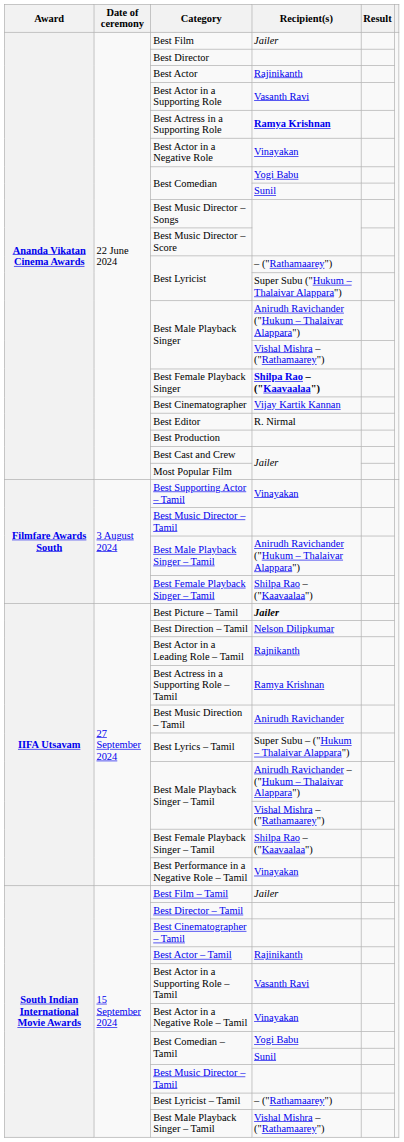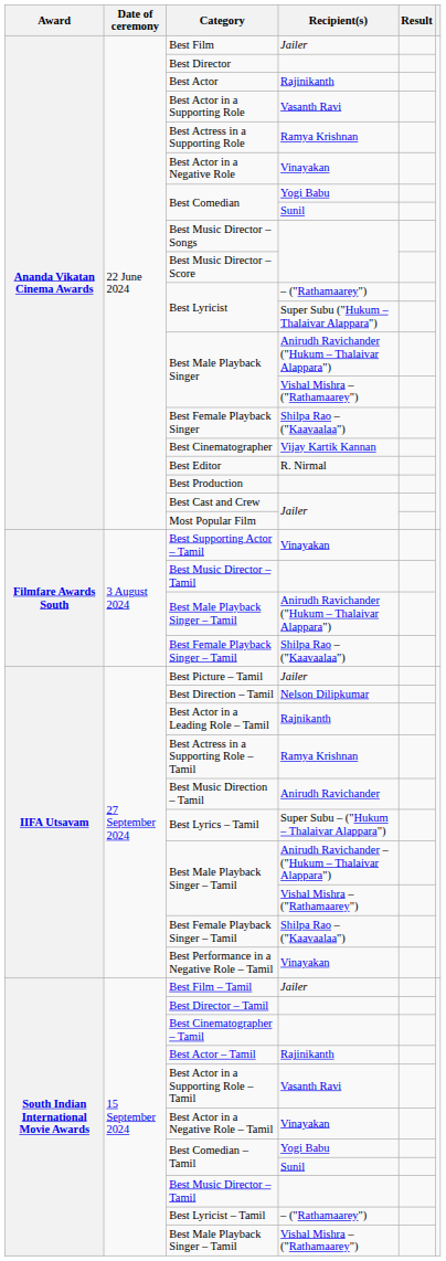 <table class="wikitable plainrowheaders sortable">
 <tr>
 <th scope="col">Award</th>
 <th scope="col">Date of ceremony</th>
 <th scope="col">Category</th>
 <th scope="col">Recipient(s)</th>
 <th scope="col">Result</th>
 <th scope="col" class="unsortable"></th>
 </tr>
 <tr>
 <th rowspan="20" scope="row"><a href='#'>Ananda Vikatan Cinema Awards</a></th>
 <td rowspan="20">22 June 2024</td>
 <td>Best Film</td>
 <td><em>Jailer</em></td>
 <td></td>
 <td rowspan="20" align="center"></td>
 </tr>
 <tr>
 <td>Best Director</td>
 <td></td>
 <td></td>
 </tr>
 <tr>
 <td>Best Actor</td>
 <td><a href='#'>Rajinikanth</a></td>
 <td></td>
 </tr>
 <tr>
 <td>Best Actor in a Supporting Role</td>
 <td><a href='#'>Vasanth Ravi</a></td>
 <td></td>
 </tr>
 <tr>
 <td>Best Actress in a Supporting Role</td>
-<td><strong><a href='#'>Ramya Krishnan</a></strong></td>
+<td><a href='#'>Ramya Krishnan</a></td>
 <td></td>
 </tr>
 <tr>
 <td>Best Actor in a Negative Role</td>
 <td><a href='#'>Vinayakan</a></td>
 <td></td>
 </tr>
 <tr>
 <td rowspan="2">Best Comedian</td>
 <td><a href='#'>Yogi Babu</a></td>
 <td></td>
 </tr>
 <tr>
 <td><a href='#'>Sunil</a></td>
 <td></td>
 </tr>
 <tr>
 <td>Best Music Director – Songs</td>
 <td rowspan="2"></td>
 <td></td>
 </tr>
 <tr>
 <td>Best Music Director – Score</td>
 <td></td>
 </tr>
 <tr>
 <td rowspan="2">Best Lyricist</td>
 <td> – ("<a href='#'>Rathamaarey</a>")</td>
 <td></td>
 </tr>
 <tr>
 <td>Super Subu ("<a href='#'>Hukum – Thalaivar Alappara</a>")</td>
 <td></td>
 </tr>
 <tr>
 <td rowspan="2">Best Male Playback Singer</td>
 <td><a href='#'>Anirudh Ravichander</a> ("<a href='#'>Hukum – Thalaivar Alappara</a>")</td>
 <td></td>
 </tr>
 <tr>
 <td><a href='#'>Vishal Mishra</a> – ("<a href='#'>Rathamaarey</a>")</td>
 <td></td>
 </tr>
 <tr>
 <td>Best Female Playback Singer</td>
-<td><strong><a href='#'>Shilpa Rao</a> – ("<a href='#'>Kaavaalaa</a>")</strong></td>
+<td><a href='#'>Shilpa Rao</a> – ("<a href='#'>Kaavaalaa</a>")</td>
 <td></td>
 </tr>
 <tr>
 <td>Best Cinematographer</td>
 <td><a href='#'>Vijay Kartik Kannan</a></td>
 <td></td>
 </tr>
 <tr>
 <td>Best Editor</td>
 <td>R. Nirmal</td>
 <td></td>
 </tr>
 <tr>
 <td>Best Production</td>
 <td></td>
 <td></td>
 </tr>
 <tr>
 <td>Best Cast and Crew</td>
 <td rowspan="2"><em>Jailer</em></td>
 <td></td>
 </tr>
 <tr>
 <td>Most Popular Film</td>
 <td></td>
 </tr>
 <tr>
 <th rowspan="4" scope="row"><a href='#'>Filmfare Awards South</a></th>
 <td rowspan="4"><a href='#'>3 August 2024</a></td>
 <td><a href='#'>Best Supporting Actor – Tamil</a></td>
 <td><a href='#'>Vinayakan</a></td>
 <td></td>
 <td rowspan="4" align="center"><br><br><br></td>
 </tr>
 <tr>
 <td><a href='#'>Best Music Director – Tamil</a></td>
 <td></td>
 <td></td>
 </tr>
 <tr>
 <td><a href='#'>Best Male Playback Singer – Tamil</a></td>
 <td><a href='#'>Anirudh Ravichander</a> ("<a href='#'>Hukum – Thalaivar Alappara</a>")</td>
 <td></td>
 </tr>
 <tr>
 <td><a href='#'>Best Female Playback Singer – Tamil</a></td>
 <td><a href='#'>Shilpa Rao</a> – ("<a href='#'>Kaavaalaa</a>")</td>
 <td></td>
 </tr>
 <tr>
 <th rowspan="10" scope="row"><a href='#'>IIFA Utsavam</a></th>
 <td rowspan="10"><a href='#'>27 September 2024</a></td>
 <td>Best Picture – Tamil</td>
-<td sort><strong><em>Jailer</em></strong></td>
+<td sort><em>Jailer</em></td>
 <td></td>
 <td rowspan="10" align="center"><br><br></td>
 </tr>
 <tr>
 <td>Best Direction – Tamil</td>
 <td sort><a href='#'>Nelson Dilipkumar</a></td>
 <td></td>
 </tr>
 <tr>
 <td>Best Actor in a Leading Role – Tamil</td>
 <td sort><a href='#'>Rajnikanth</a></td>
 <td></td>
 </tr>
 <tr>
 <td>Best Actress in a Supporting Role – Tamil</td>
 <td sort><a href='#'>Ramya Krishnan</a></td>
 <td></td>
 </tr>
 <tr>
 <td>Best Music Direction – Tamil</td>
 <td sort><a href='#'>Anirudh Ravichander</a></td>
 <td></td>
 </tr>
 <tr>
 <td>Best Lyrics – Tamil</td>
 <td sort>Super Subu – ("<a href='#'>Hukum – Thalaivar Alappara</a>")</td>
 <td></td>
 </tr>
 <tr>
 <td rowspan="2">Best Male Playback Singer – Tamil</td>
 <td sort><a href='#'>Anirudh Ravichander</a> – ("<a href='#'>Hukum – Thalaivar Alappara</a>")</td>
 <td></td>
 </tr>
 <tr>
 <td sort><a href='#'>Vishal Mishra</a> – ("<a href='#'>Rathamaarey</a>")</td>
 <td></td>
 </tr>
 <tr>
 <td>Best Female Playback Singer – Tamil</td>
 <td sort><a href='#'>Shilpa Rao</a> – ("<a href='#'>Kaavaalaa</a>")</td>
 <td></td>
 </tr>
 <tr>
 <td>Best Performance in a Negative Role – Tamil</td>
 <td><a href='#'>Vinayakan</a></td>
 <td></td>
 </tr>
 <tr>
 <th rowspan="11" scope="row"><a href='#'>South Indian International Movie Awards</a></th>
 <td rowspan="11"><a href='#'>15 September 2024</a></td>
 <td><a href='#'>Best Film – Tamil</a></td>
 <td><em>Jailer</em></td>
 <td></td>
 <td rowspan="11" align="center"><br><br><br></td>
 </tr>
 <tr>
 <td><a href='#'>Best Director – Tamil</a></td>
 <td></td>
 <td></td>
 </tr>
 <tr>
 <td><a href='#'>Best Cinematographer – Tamil</a></td>
 <td></td>
 <td></td>
 </tr>
 <tr>
 <td><a href='#'>Best Actor – Tamil</a></td>
 <td><a href='#'>Rajinikanth</a></td>
 <td></td>
 </tr>
 <tr>
 <td>Best Actor in a Supporting Role – Tamil</td>
 <td><a href='#'>Vasanth Ravi</a></td>
 <td></td>
 </tr>
 <tr>
 <td>Best Actor in a Negative Role – Tamil</td>
 <td><a href='#'>Vinayakan</a></td>
 <td></td>
 </tr>
 <tr>
 <td rowspan="2">Best Comedian – Tamil</td>
 <td><a href='#'>Yogi Babu</a></td>
 <td></td>
 </tr>
 <tr>
 <td><a href='#'>Sunil</a></td>
 <td></td>
 </tr>
 <tr>
 <td><a href='#'>Best Music Director – Tamil</a></td>
 <td></td>
 <td></td>
 </tr>
 <tr>
 <td>Best Lyricist – Tamil</td>
 <td> – ("<a href='#'>Rathamaarey</a>")</td>
 <td></td>
 </tr>
 <tr>
 <td>Best Male Playback Singer – Tamil</td>
 <td sort><a href='#'>Vishal Mishra</a> – ("<a href='#'>Rathamaarey</a>")</td>
 <td></td>
 </tr>
 </table>
